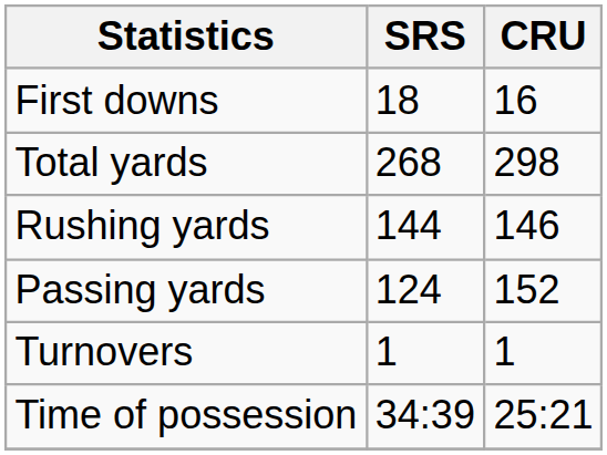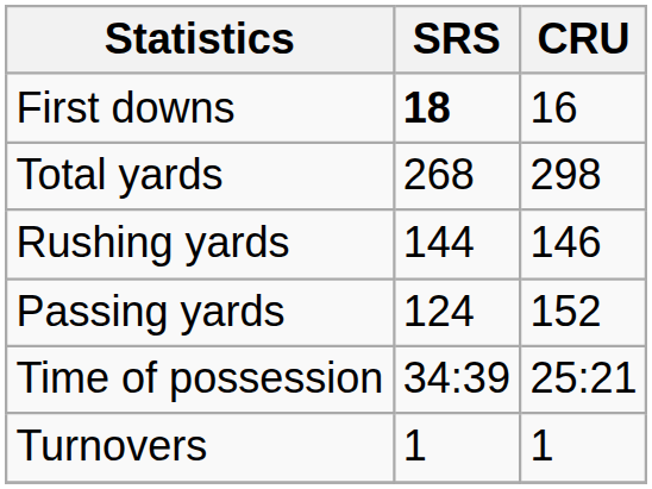 <table class="wikitable" style="float: left;">
 <tr>
 <th>Statistics</th>
 <th>SRS</th>
 <th>CRU</th>
 </tr>
 <tr>
 <td>First downs</td>
-<td>18</td>
+<td><strong>18</strong></td>
 <td>16</td>
 </tr>
 <tr>
 <td>Total yards</td>
 <td>268</td>
 <td>298</td>
 </tr>
 <tr>
 <td>Rushing yards</td>
 <td>144</td>
 <td>146</td>
 </tr>
 <tr>
 <td>Passing yards</td>
 <td>124</td>
 <td>152</td>
 </tr>
 <tr>
+<td>Time of possession</td>
+<td>34:39</td>
+<td>25:21</td>
+</tr>
+<tr>
 <td>Turnovers</td>
 <td>1</td>
 <td>1</td>
 </tr>
 <tr>
-<td>Time of possession</td>
-<td>34:39</td>
-<td>25:21</td>
-</tr>
-<tr>
 </tr>
 </table>
